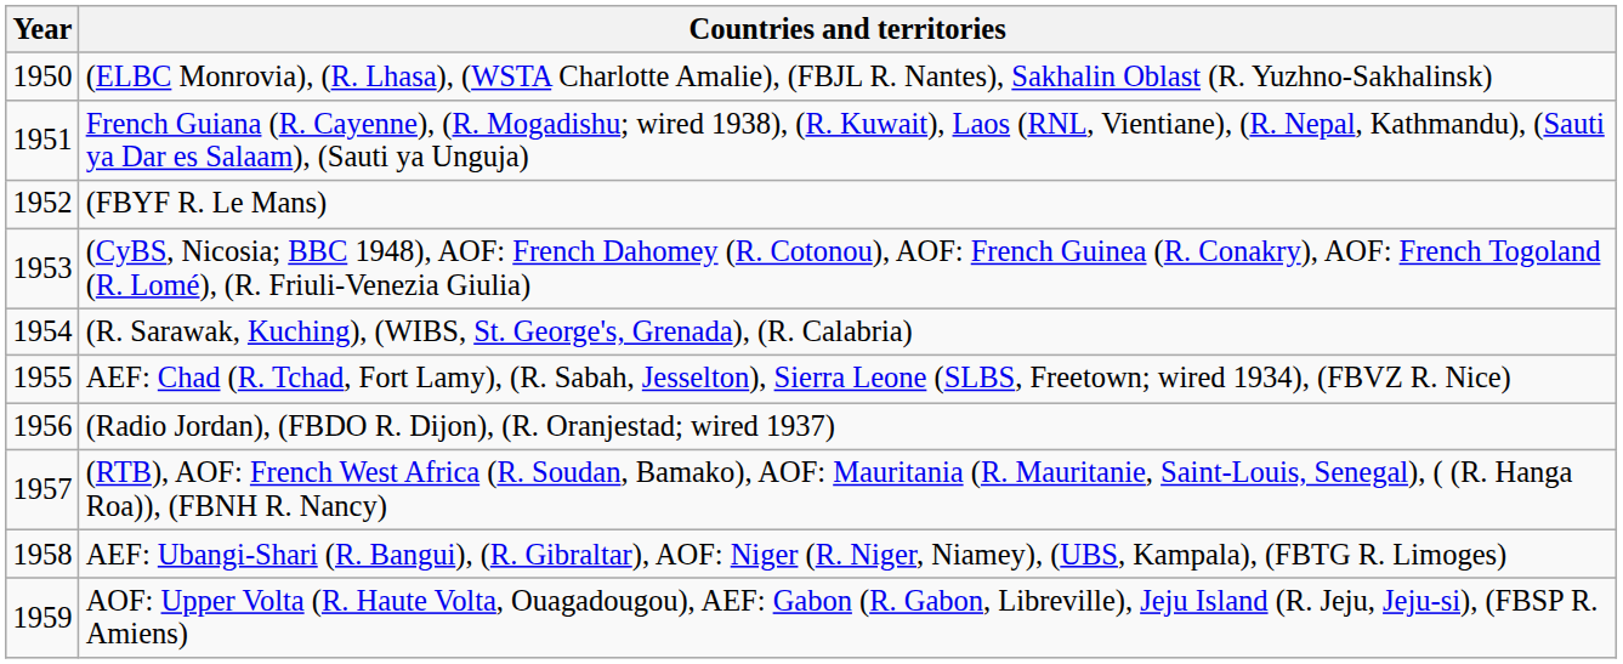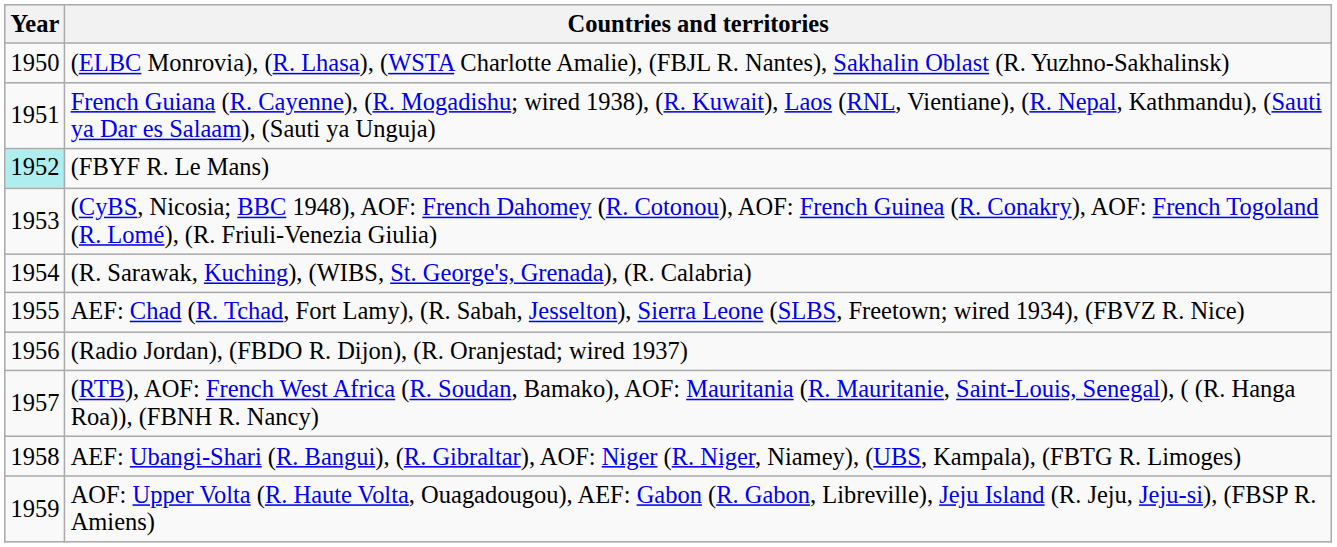 <table class="wikitable">
 <tr>
 <th>Year</th>
 <th>Countries and territories</th>
 </tr>
 <tr>
 <td>1950</td>
 <td> (<a href='#'>ELBC</a> Monrovia),  (<a href='#'>R. Lhasa</a>),  (<a href='#'>WSTA</a> Charlotte Amalie),  (FBJL R. Nantes),  <a href='#'>Sakhalin Oblast</a> (R. Yuzhno-Sakhalinsk)</td>
 </tr>
 <tr>
 <td>1951</td>
 <td> <a href='#'>French Guiana</a> (<a href='#'>R. Cayenne</a>),  (<a href='#'>R. Mogadishu</a>; wired 1938),  (<a href='#'>R. Kuwait</a>),  <a href='#'>Laos</a> (<a href='#'>RNL</a>, Vientiane),  (<a href='#'>R. Nepal</a>, Kathmandu),  (<a href='#'>Sauti ya Dar es Salaam</a>),  (Sauti ya Unguja)</td>
 </tr>
 <tr>
-<td>1952</td>
+<td style="background: paleturquoise;">1952</td>
 <td> (FBYF R. Le Mans)</td>
 </tr>
 <tr>
 <td>1953</td>
 <td> (<a href='#'>CyBS</a>, Nicosia; <a href='#'>BBC</a> 1948),  AOF: <a href='#'>French Dahomey</a> (<a href='#'>R. Cotonou</a>),  AOF: <a href='#'>French Guinea</a> (<a href='#'>R. Conakry</a>),  AOF: <a href='#'>French Togoland</a> (<a href='#'>R. Lomé</a>),  (R. Friuli-Venezia Giulia)</td>
 </tr>
 <tr>
 <td>1954</td>
 <td> (R. Sarawak, <a href='#'>Kuching</a>),  (WIBS, <a href='#'>St. George's, Grenada</a>),  (R. Calabria)</td>
 </tr>
 <tr>
 <td>1955</td>
 <td> AEF: <a href='#'>Chad</a> (<a href='#'>R. Tchad</a>, Fort Lamy),  (R. Sabah, <a href='#'>Jesselton</a>),  <a href='#'>Sierra Leone</a> (<a href='#'>SLBS</a>, Freetown; wired 1934),  (FBVZ R. Nice)</td>
 </tr>
 <tr>
 <td>1956</td>
 <td> (Radio Jordan),  (FBDO R. Dijon),  (R. Oranjestad; wired 1937)</td>
 </tr>
 <tr>
 <td>1957</td>
 <td> (<a href='#'>RTB</a>),  AOF: <a href='#'>French West Africa</a> (<a href='#'>R. Soudan</a>, Bamako),  AOF: <a href='#'>Mauritania</a> (<a href='#'>R. Mauritanie</a>, <a href='#'>Saint-Louis, Senegal</a>),  ( (R. Hanga Roa)),  (FBNH R. Nancy)</td>
 </tr>
 <tr>
 <td>1958</td>
 <td> AEF: <a href='#'>Ubangi-Shari</a> (<a href='#'>R. Bangui</a>),  (<a href='#'>R. Gibraltar</a>),  AOF: <a href='#'>Niger</a> (<a href='#'>R. Niger</a>, Niamey),  (<a href='#'>UBS</a>, Kampala),  (FBTG R. Limoges)</td>
 </tr>
 <tr>
 <td>1959</td>
 <td> AOF: <a href='#'>Upper Volta</a> (<a href='#'>R. Haute Volta</a>, Ouagadougou),  AEF: <a href='#'>Gabon</a> (<a href='#'>R. Gabon</a>, Libreville),  <a href='#'>Jeju Island</a> (R. Jeju, <a href='#'>Jeju-si</a>),  (FBSP R. Amiens)</td>
 </tr>
 </table>
